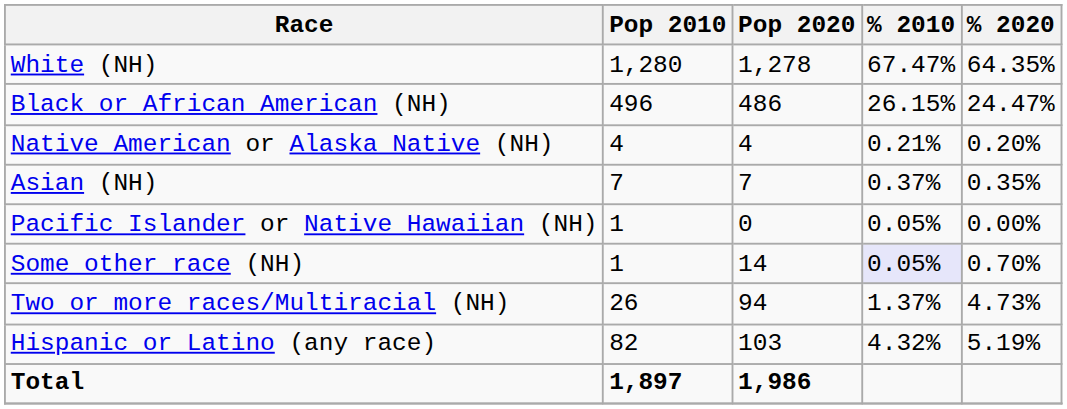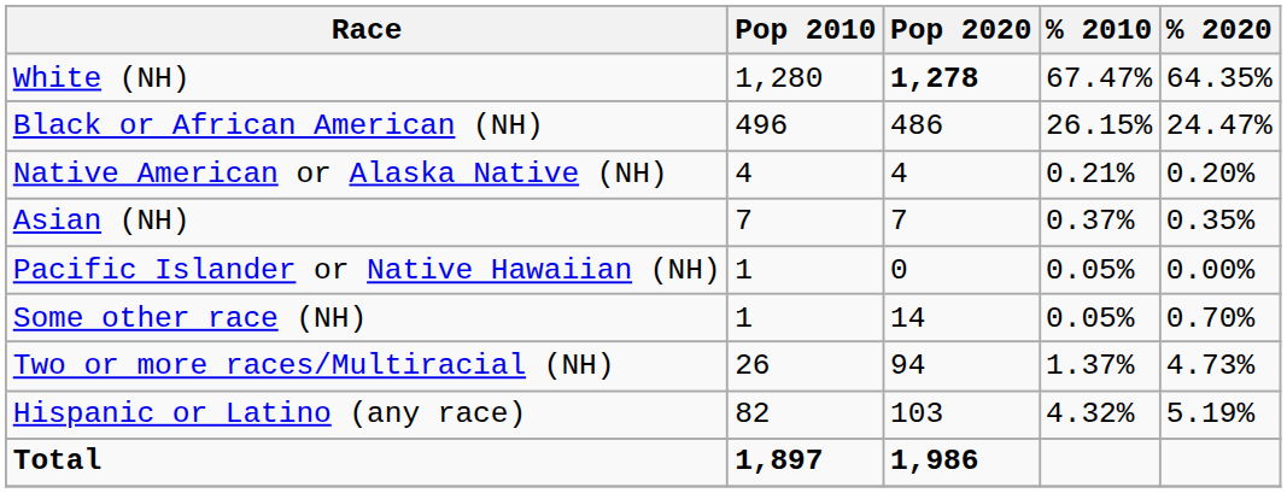 <table class="wikitable">
 <tr>
 <th>Race</th>
 <th>Pop 2010</th>
 <th>Pop 2020</th>
 <th>% 2010</th>
 <th>% 2020</th>
 </tr>
 <tr>
 <td><a href='#'>White</a> (NH)</td>
 <td>1,280</td>
-<td>1,278</td>
+<td><strong>1,278</strong></td>
 <td>67.47%</td>
 <td>64.35%</td>
 </tr>
 <tr>
 <td><a href='#'>Black or African American</a> (NH)</td>
 <td>496</td>
 <td>486</td>
 <td>26.15%</td>
 <td>24.47%</td>
 </tr>
 <tr>
 <td><a href='#'>Native American</a> or <a href='#'>Alaska Native</a> (NH)</td>
 <td>4</td>
 <td>4</td>
 <td>0.21%</td>
 <td>0.20%</td>
 </tr>
 <tr>
 <td><a href='#'>Asian</a> (NH)</td>
 <td>7</td>
 <td>7</td>
 <td>0.37%</td>
 <td>0.35%</td>
 </tr>
 <tr>
 <td><a href='#'>Pacific Islander</a> or <a href='#'>Native Hawaiian</a> (NH)</td>
 <td>1</td>
 <td>0</td>
 <td>0.05%</td>
 <td>0.00%</td>
 </tr>
 <tr>
 <td><a href='#'>Some other race</a> (NH)</td>
 <td>1</td>
 <td>14</td>
-<td style="background: lavender;">0.05%</td>
+<td>0.05%</td>
 <td>0.70%</td>
 </tr>
 <tr>
 <td><a href='#'>Two or more races/Multiracial</a> (NH)</td>
 <td>26</td>
 <td>94</td>
 <td>1.37%</td>
 <td>4.73%</td>
 </tr>
 <tr>
 <td><a href='#'>Hispanic or Latino</a> (any race)</td>
 <td>82</td>
 <td>103</td>
 <td>4.32%</td>
 <td>5.19%</td>
 </tr>
 <tr>
 <td><strong>Total</strong></td>
 <td><strong>1,897</strong></td>
 <td><strong>1,986</strong></td>
 <td></td>
 <td></td>
 </tr>
 <tr>
 </tr>
 </table>
